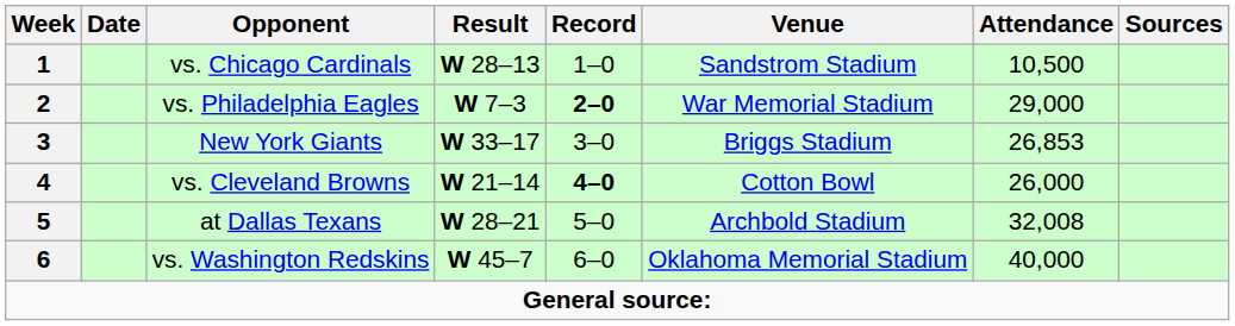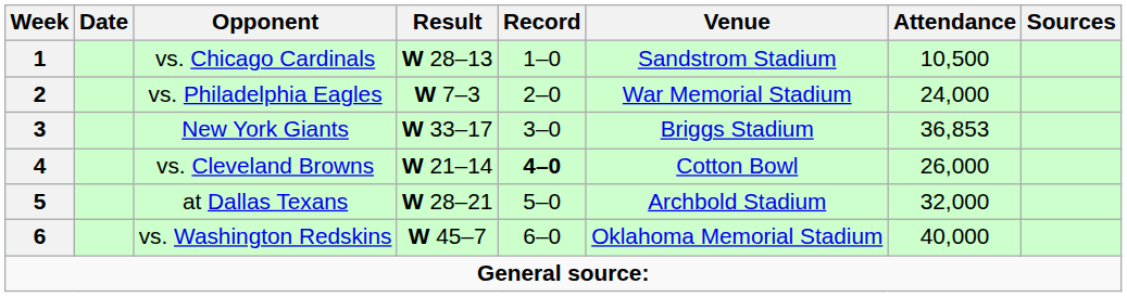 <table class="wikitable" style="text-align:center">
 <tr>
 <th>Week</th>
 <th>Date</th>
 <th>Opponent</th>
 <th>Result</th>
 <th>Record</th>
 <th>Venue</th>
 <th>Attendance</th>
 <th>Sources</th>
 </tr>
 <tr style="background:#cfc">
 <th>1</th>
 <td></td>
 <td>vs. <a href='#'>Chicago Cardinals</a></td>
 <td><strong>W</strong> 28–13</td>
 <td>1–0</td>
 <td><a href='#'>Sandstrom Stadium</a></td>
 <td>10,500</td>
 <td></td>
 </tr>
 <tr style="background:#cfc">
 <th>2</th>
 <td></td>
 <td>vs. <a href='#'>Philadelphia Eagles</a></td>
 <td><strong>W</strong> 7–3</td>
-<td><strong>2–0</strong></td>
+<td>2–0</td>
 <td><a href='#'>War Memorial Stadium</a></td>
-<td>29,000</td>
+<td>24,000</td>
 <td></td>
 </tr>
 <tr style="background:#cfc">
 <th>3</th>
 <td></td>
 <td><a href='#'>New York Giants</a></td>
 <td><strong>W</strong> 33–17</td>
 <td>3–0</td>
 <td><a href='#'>Briggs Stadium</a></td>
-<td>26,853</td>
+<td>36,853</td>
 <td></td>
 </tr>
 <tr style="background:#cfc">
 <th>4</th>
 <td></td>
 <td>vs. <a href='#'>Cleveland Browns</a></td>
 <td><strong>W</strong> 21–14</td>
 <td><strong>4–0</strong></td>
 <td><a href='#'>Cotton Bowl</a></td>
 <td>26,000</td>
 <td></td>
 </tr>
 <tr style="background:#cfc">
 <th>5</th>
 <td></td>
 <td>at <a href='#'>Dallas Texans</a></td>
 <td><strong>W</strong> 28–21</td>
 <td>5–0</td>
 <td><a href='#'>Archbold Stadium</a></td>
-<td>32,008</td>
+<td>32,000</td>
 <td></td>
 </tr>
 <tr style="background:#cfc">
 <th>6</th>
 <td></td>
 <td>vs. <a href='#'>Washington Redskins</a></td>
 <td><strong>W</strong> 45–7</td>
 <td>6–0</td>
 <td><a href='#'>Oklahoma Memorial Stadium</a></td>
 <td>40,000</td>
 <td></td>
 </tr>
 <tr>
 <td colspan="9"><strong>General source:</strong> </td>
 </tr>
 </table>
